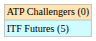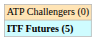 <table class="wikitable">
 <tr style="background:moccasin;">
 <td>ATP Challengers (0)</td>
 </tr>
 <tr style="background:#cffcff;">
-<td>ITF Futures (5)</td>
+<td><strong>ITF Futures (5)</strong></td>
 </tr>
 </table>
